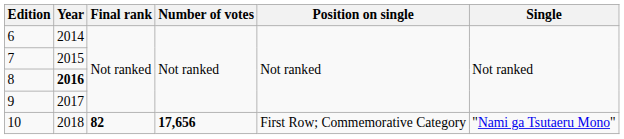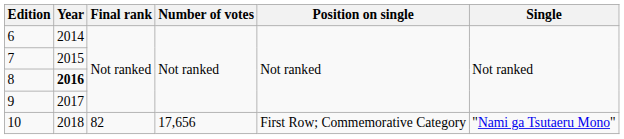 <table class="wikitable sortable">
 <tr>
 <th>Edition</th>
 <th>Year</th>
 <th>Final rank</th>
 <th>Number of votes</th>
 <th>Position on single</th>
 <th>Single<br></th>
 </tr>
 <tr>
 <td>6</td>
 <td>2014</td>
 <td rowspan="4">Not ranked</td>
 <td rowspan="4">Not ranked</td>
 <td rowspan="4">Not ranked</td>
 <td rowspan="4">Not ranked</td>
 </tr>
 <tr>
 <td>7</td>
 <td>2015</td>
 </tr>
 <tr>
 <td>8</td>
 <td><strong>2016</strong></td>
 </tr>
 <tr>
 <td>9</td>
 <td>2017</td>
 </tr>
 <tr>
 <td>10</td>
 <td>2018</td>
-<td><strong>82</strong></td>
-<td><strong>17,656</strong></td>
+<td>82</td>
+<td>17,656</td>
 <td>First Row; Commemorative Category</td>
 <td>"<a href='#'>Nami ga Tsutaeru Mono</a>"</td>
 </tr>
 </table>
